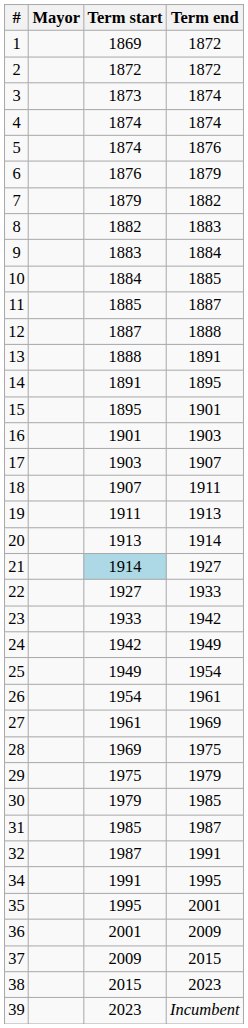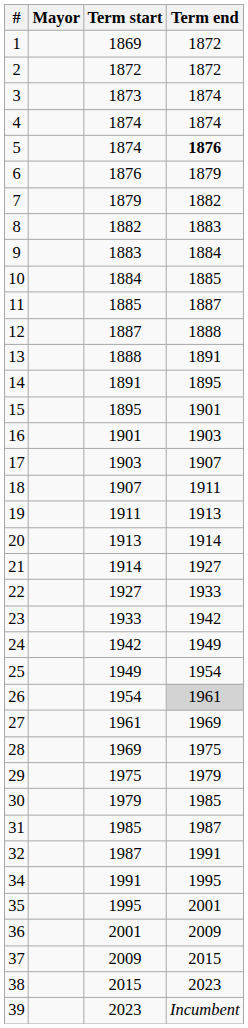 <table class="wikitable sortable">
 <tr>
 <th align=center>#</th>
 <th>Mayor</th>
 <th>Term start</th>
 <th>Term end</th>
 </tr>
 <tr>
 <td align=center>1</td>
 <td></td>
 <td align=center>1869</td>
 <td align=center>1872</td>
 </tr>
 <tr>
 <td align=center>2</td>
 <td></td>
 <td align=center>1872</td>
 <td align=center>1872</td>
 </tr>
 <tr>
 <td align=center>3</td>
 <td></td>
 <td align=center>1873</td>
 <td align=center>1874</td>
 </tr>
 <tr>
 <td align=center>4</td>
 <td></td>
 <td align=center>1874</td>
 <td align=center>1874</td>
 </tr>
 <tr>
 <td align=center>5</td>
 <td></td>
 <td align=center>1874</td>
-<td align=center>1876</td>
+<td align=center><strong>1876</strong></td>
 </tr>
 <tr>
 <td align=center>6</td>
 <td></td>
 <td align=center>1876</td>
 <td align=center>1879</td>
 </tr>
 <tr>
 <td align=center>7</td>
 <td></td>
 <td align=center>1879</td>
 <td align=center>1882</td>
 </tr>
 <tr>
 <td align=center>8</td>
 <td></td>
 <td align=center>1882</td>
 <td align=center>1883</td>
 </tr>
 <tr>
 <td align=center>9</td>
 <td></td>
 <td align=center>1883</td>
 <td align=center>1884</td>
 </tr>
 <tr>
 <td align=center>10</td>
 <td></td>
 <td align=center>1884</td>
 <td align=center>1885</td>
 </tr>
 <tr>
 <td align=center>11</td>
 <td></td>
 <td align=center>1885</td>
 <td align=center>1887</td>
 </tr>
 <tr>
 <td align=center>12</td>
 <td></td>
 <td align=center>1887</td>
 <td align=center>1888</td>
 </tr>
 <tr>
 <td align=center>13</td>
 <td></td>
 <td align=center>1888</td>
 <td align=center>1891</td>
 </tr>
 <tr>
 <td align=center>14</td>
 <td></td>
 <td align=center>1891</td>
 <td align=center>1895</td>
 </tr>
 <tr>
 <td align=center>15</td>
 <td></td>
 <td align=center>1895</td>
 <td align=center>1901</td>
 </tr>
 <tr>
 <td align=center>16</td>
 <td></td>
 <td align=center>1901</td>
 <td align=center>1903</td>
 </tr>
 <tr>
 <td align=center>17</td>
 <td></td>
 <td align=center>1903</td>
 <td align=center>1907</td>
 </tr>
 <tr>
 <td align=center>18</td>
 <td></td>
 <td align=center>1907</td>
 <td align=center>1911</td>
 </tr>
 <tr>
 <td align=center>19</td>
 <td></td>
 <td align=center>1911</td>
 <td align=center>1913</td>
 </tr>
 <tr>
 <td align=center>20</td>
 <td></td>
 <td align=center>1913</td>
 <td align=center>1914</td>
 </tr>
 <tr>
 <td align=center>21</td>
 <td></td>
-<td align=center style="background: lightblue;">1914</td>
+<td align=center>1914</td>
 <td align=center>1927</td>
 </tr>
 <tr>
 <td align=center>22</td>
 <td></td>
 <td align=center>1927</td>
 <td align=center>1933</td>
 </tr>
 <tr>
 <td align=center>23</td>
 <td></td>
 <td align=center>1933</td>
 <td align=center>1942</td>
 </tr>
 <tr>
 <td align=center>24</td>
 <td></td>
 <td align=center>1942</td>
 <td align=center>1949</td>
 </tr>
 <tr>
 <td align=center>25</td>
 <td></td>
 <td align=center>1949</td>
 <td align=center>1954</td>
 </tr>
 <tr>
 <td align=center>26</td>
 <td></td>
 <td align=center>1954</td>
-<td align=center>1961</td>
+<td align=center style="background: lightgrey;">1961</td>
 </tr>
 <tr>
 <td align=center>27</td>
 <td></td>
 <td align=center>1961</td>
 <td align=center>1969</td>
 </tr>
 <tr>
 <td align=center>28</td>
 <td></td>
 <td align=center>1969</td>
 <td align=center>1975</td>
 </tr>
 <tr>
 <td align=center>29</td>
 <td></td>
 <td align=center>1975</td>
 <td align=center>1979</td>
 </tr>
 <tr>
 <td align=center>30</td>
 <td></td>
 <td align=center>1979</td>
 <td align=center>1985</td>
 </tr>
 <tr>
 <td align=center>31</td>
 <td></td>
 <td align=center>1985</td>
 <td align=center>1987</td>
 </tr>
 <tr>
 <td align=center>32</td>
 <td></td>
 <td align=center>1987</td>
 <td align=center>1991</td>
 </tr>
 <tr>
 <td align=center>34</td>
 <td></td>
 <td align=center>1991</td>
 <td align=center>1995</td>
 </tr>
 <tr>
 <td align=center>35</td>
 <td> </td>
 <td align=center>1995</td>
 <td align=center>2001</td>
 </tr>
 <tr>
 <td align=center>36</td>
 <td></td>
 <td align=center>2001</td>
 <td align=center>2009</td>
 </tr>
 <tr>
 <td align=center>37</td>
 <td></td>
 <td align=center>2009</td>
 <td align=center>2015</td>
 </tr>
 <tr>
 <td align=center>38</td>
 <td></td>
 <td align=center>2015</td>
 <td align=center>2023</td>
 </tr>
 <tr>
 <td align=center>39</td>
 <td></td>
 <td align=center>2023</td>
 <td align=center><em>Incumbent</em></td>
 </tr>
 <tr>
 </tr>
 </table>
